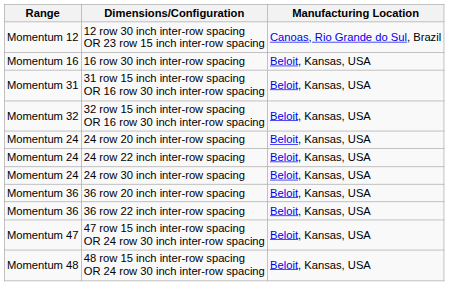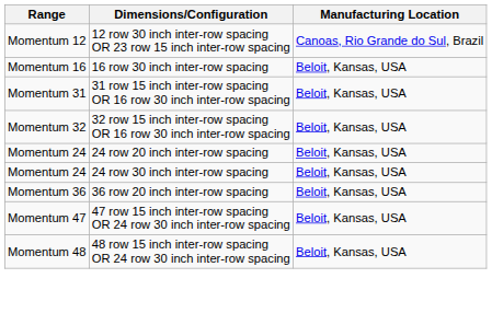 <table class="wikitable sortable">
 <tr>
 <th>Range</th>
 <th>Dimensions/Configuration</th>
 <th>Manufacturing Location</th>
 </tr>
 <tr>
 <td>Momentum 12</td>
 <td>12 row 30 inch inter-row spacing<br>OR 23 row 15 inch inter-row spacing</td>
 <td><a href='#'>Canoas, Rio Grande do Sul</a>, Brazil</td>
 </tr>
 <tr>
 <td>Momentum 16</td>
 <td>16 row 30 inch inter-row spacing</td>
 <td><a href='#'>Beloit</a>, Kansas, USA</td>
 </tr>
 <tr>
 <td>Momentum 31</td>
 <td>31 row 15 inch inter-row spacing<br>OR 16 row 30 inch inter-row spacing</td>
 <td><a href='#'>Beloit</a>, Kansas, USA</td>
 </tr>
 <tr>
 <td>Momentum 32</td>
 <td>32 row 15 inch inter-row spacing<br>OR 16 row 30 inch inter-row spacing</td>
 <td><a href='#'>Beloit</a>, Kansas, USA</td>
 </tr>
 <tr>
 <td>Momentum 24</td>
 <td>24 row 20 inch inter-row spacing</td>
 <td><a href='#'>Beloit</a>, Kansas, USA</td>
 </tr>
 <tr>
 <td>Momentum 24</td>
-<td>24 row 22 inch inter-row spacing</td>
-<td><a href='#'>Beloit</a>, Kansas, USA</td>
-</tr>
-<tr>
-<td>Momentum 24</td>
 <td>24 row 30 inch inter-row spacing</td>
 <td><a href='#'>Beloit</a>, Kansas, USA</td>
 </tr>
 <tr>
 <td>Momentum 36</td>
 <td>36 row 20 inch inter-row spacing</td>
-<td><a href='#'>Beloit</a>, Kansas, USA</td>
-</tr>
-<tr>
-<td>Momentum 36</td>
-<td>36 row 22 inch inter-row spacing</td>
 <td><a href='#'>Beloit</a>, Kansas, USA</td>
 </tr>
 <tr>
 <td>Momentum 47</td>
 <td>47 row 15 inch inter-row spacing<br>OR 24 row 30 inch  inter-row spacing</td>
 <td><a href='#'>Beloit</a>, Kansas, USA</td>
 </tr>
 <tr>
 <td>Momentum 48</td>
 <td>48 row 15 inch inter-row spacing<br>OR 24 row 30 inch inter-row spacing</td>
 <td><a href='#'>Beloit</a>, Kansas, USA</td>
 </tr>
 </table>
